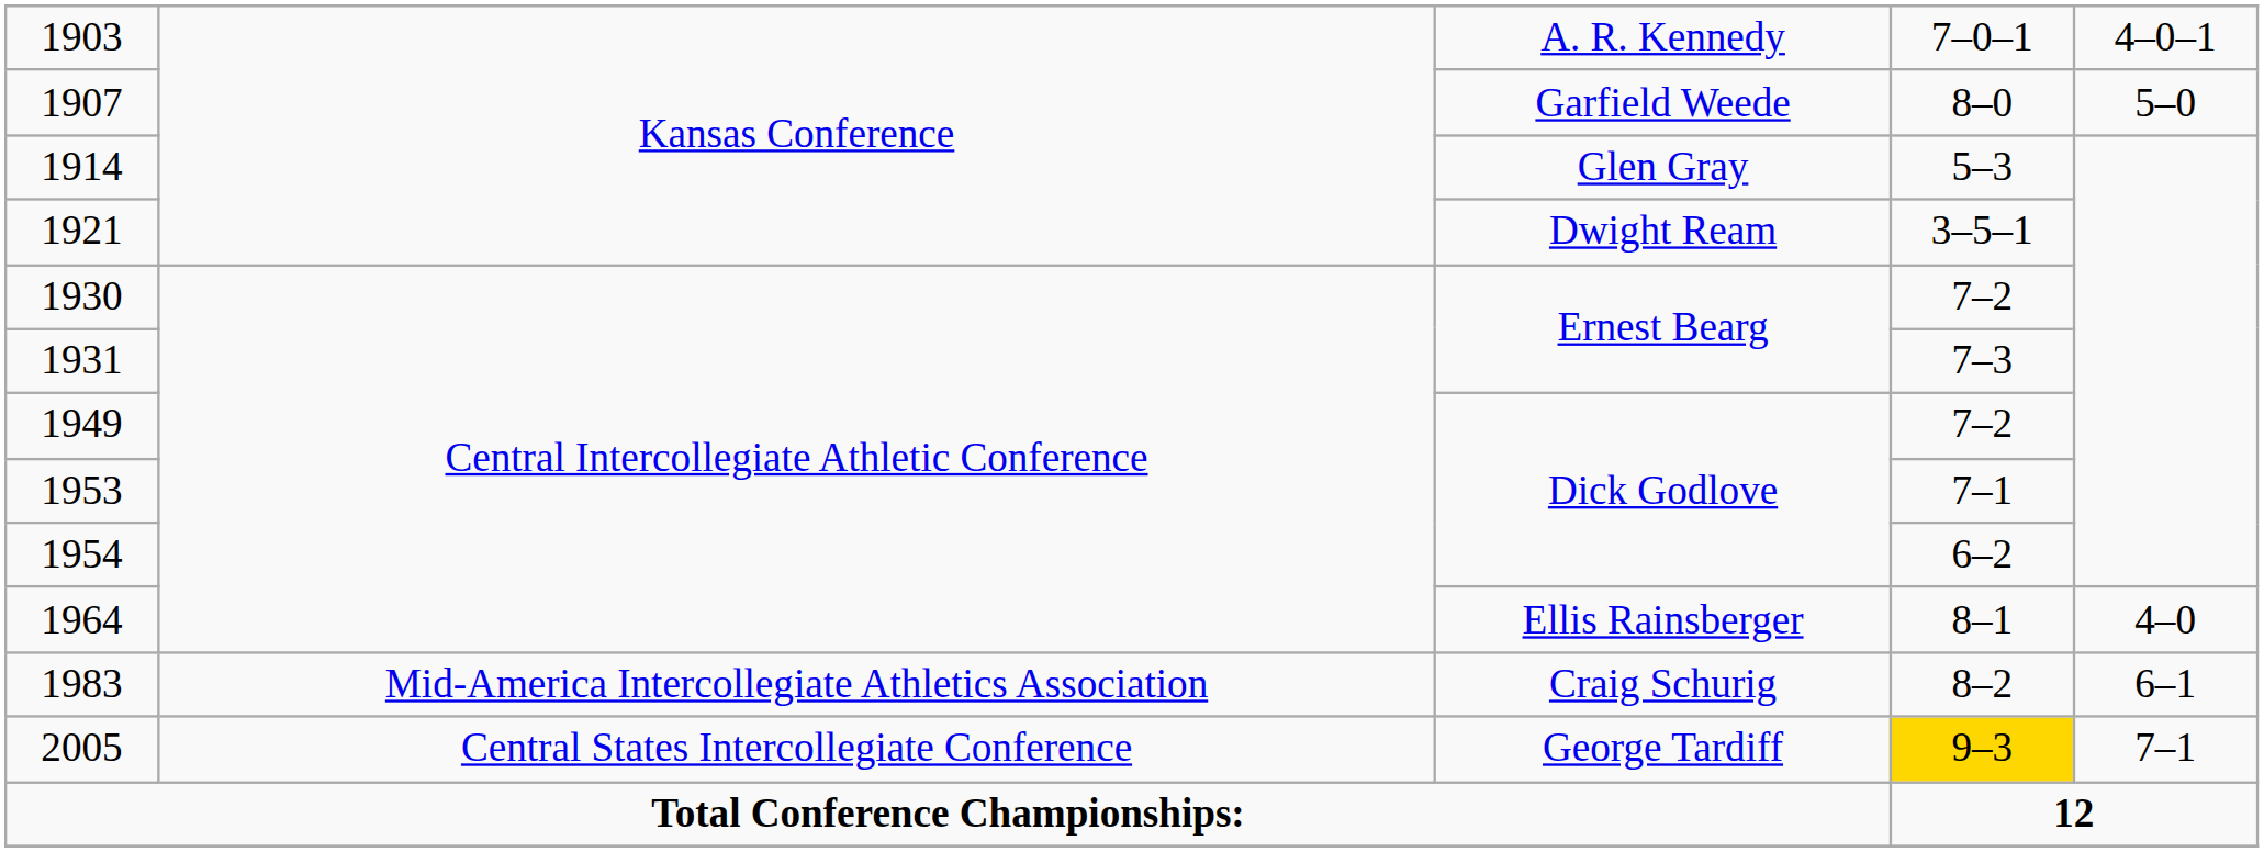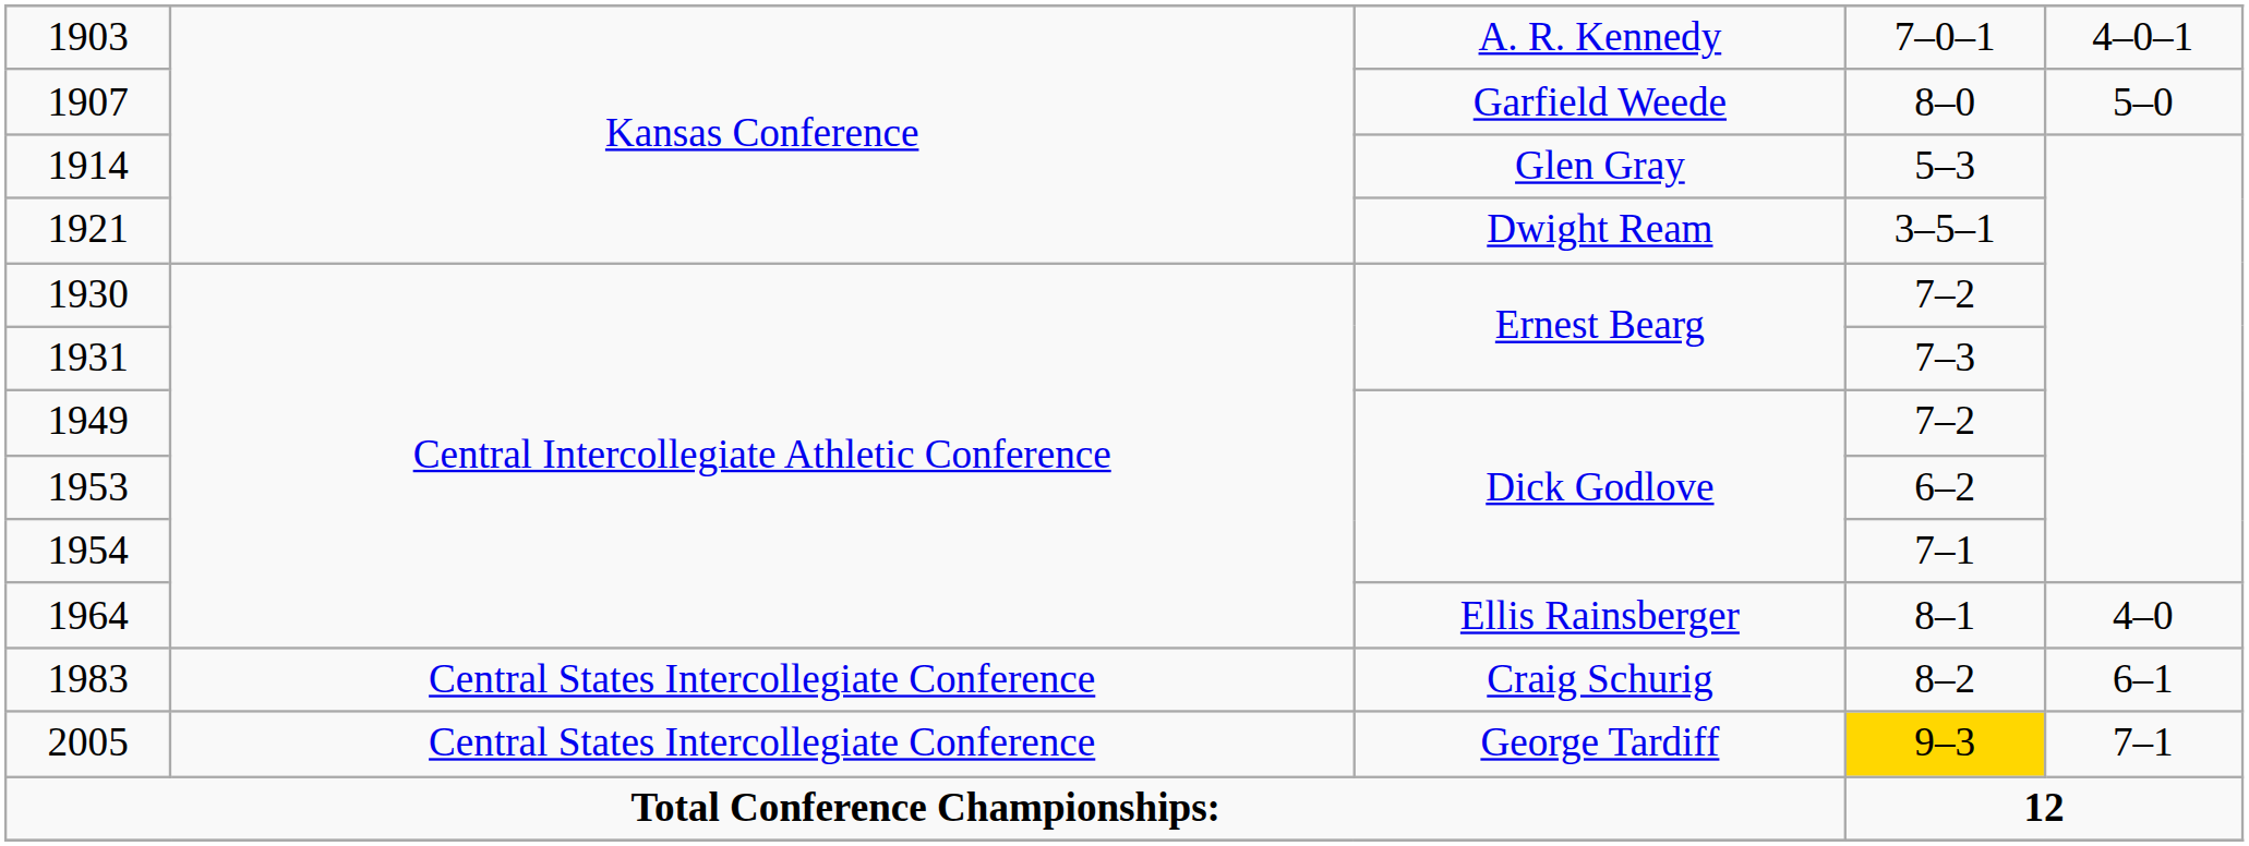 <table class="wikitable" width="70%">
 <tr>
 </tr>
 <tr align="center">
 <td>1903</td>
 <td rowspan="4"><a href='#'>Kansas Conference</a></td>
 <td><a href='#'>A. R. Kennedy</a></td>
 <td>7–0–1</td>
 <td>4–0–1</td>
 </tr>
 <tr align="center">
 <td>1907</td>
 <td><a href='#'>Garfield Weede</a></td>
 <td>8–0</td>
 <td>5–0</td>
 </tr>
 <tr align="center">
 <td>1914</td>
 <td><a href='#'>Glen Gray</a></td>
 <td>5–3</td>
 <td rowspan="7"></td>
 </tr>
 <tr align="center">
 <td>1921</td>
 <td><a href='#'>Dwight Ream</a></td>
 <td>3–5–1</td>
 </tr>
 <tr align="center">
 <td>1930</td>
 <td rowspan="6"><a href='#'>Central Intercollegiate Athletic Conference</a></td>
 <td rowspan="2"><a href='#'>Ernest Bearg</a></td>
 <td>7–2</td>
 </tr>
 <tr align="center">
 <td>1931</td>
 <td>7–3</td>
 </tr>
 <tr align="center">
 <td>1949</td>
 <td rowspan="3"><a href='#'>Dick Godlove</a></td>
 <td>7–2</td>
 </tr>
 <tr align="center">
 <td>1953</td>
-<td>7–1</td>
+<td>6–2</td>
 </tr>
 <tr align="center">
 <td>1954</td>
-<td>6–2</td>
+<td>7–1</td>
 </tr>
 <tr align="center">
 <td>1964</td>
 <td><a href='#'>Ellis Rainsberger</a></td>
 <td>8–1</td>
 <td>4–0</td>
 </tr>
 <tr align="center">
 <td>1983</td>
-<td><a href='#'>Mid-America Intercollegiate Athletics Association</a></td>
+<td><a href='#'>Central States Intercollegiate Conference</a></td>
 <td><a href='#'>Craig Schurig</a></td>
 <td>8–2</td>
 <td>6–1</td>
 </tr>
 <tr align="center">
 <td>2005</td>
 <td><a href='#'>Central States Intercollegiate Conference</a></td>
 <td><a href='#'>George Tardiff</a></td>
 <td style="background: gold;">9–3</td>
 <td>7–1</td>
 </tr>
 <tr style="text-align:center; ">
 <td colspan=3><strong>Total Conference Championships:</strong></td>
 <td colspan=2><strong>12</strong></td>
 </tr>
 <tr>
 </tr>
 </table>
